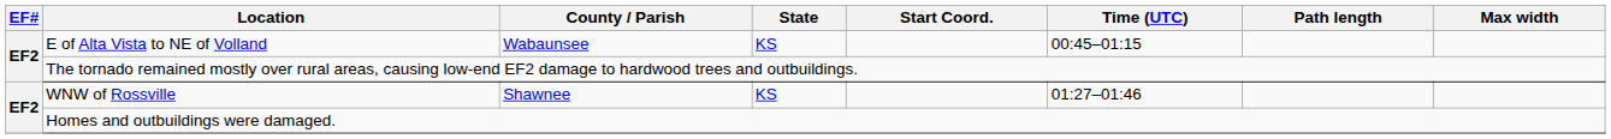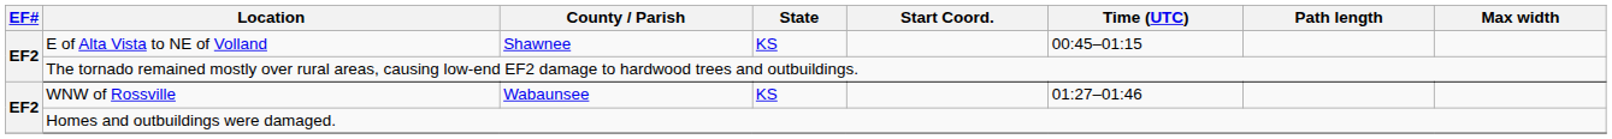 <table class="wikitable sortable" style="width:100%;">
 <tr>
 <th scope="col" width="2%" align="center"><a href='#'>EF#</a></th>
 <th scope="col" align="center" class="unsortable">Location</th>
 <th scope="col" align="center" class="unsortable">County / Parish</th>
 <th scope="col" align="center">State</th>
 <th scope="col" align="center">Start Coord.</th>
 <th scope="col" align="center">Time (<a href='#'>UTC</a>)</th>
 <th scope="col" align="center">Path length</th>
 <th scope="col" align="center">Max width</th>
 </tr>
 <tr>
 <th scope="row" rowspan="2" style="background-color:#">EF2</th>
 <td>E of <a href='#'>Alta Vista</a> to NE of <a href='#'>Volland</a></td>
-<td><a href='#'>Wabaunsee</a></td>
+<td><a href='#'>Shawnee</a></td>
 <td><a href='#'>KS</a></td>
 <td></td>
 <td>00:45–01:15</td>
 <td></td>
 <td></td>
 </tr>
 <tr class="expand-child">
 <td colspan="8" style=" border-bottom: 1px solid black;">The tornado remained mostly over rural areas, causing low-end EF2 damage to hardwood trees and outbuildings.</td>
 </tr>
 <tr>
 <th scope="row" rowspan="2" style="background-color:#">EF2</th>
 <td>WNW of <a href='#'>Rossville</a></td>
-<td><a href='#'>Shawnee</a></td>
+<td><a href='#'>Wabaunsee</a></td>
 <td><a href='#'>KS</a></td>
 <td></td>
 <td>01:27–01:46</td>
 <td></td>
 <td></td>
 </tr>
 <tr class="expand-child">
 <td colspan="8" style=" border-bottom: 1px solid black;">Homes and outbuildings were damaged.</td>
 </tr>
 <tr>
 </tr>
 </table>
